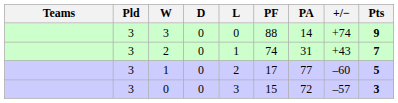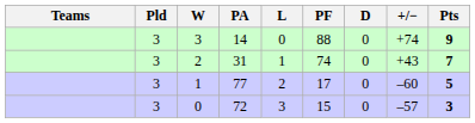 <table class="wikitable" style="text-align: center;">
 <tr>
 <th width="140">Teams</th>
 <th width="40">Pld</th>
 <th width="40">W</th>
-<th width="40">D</th>
+<th width="40">PA</th>
 <th width="40">L</th>
 <th width="40">PF</th>
-<th width="40">PA</th>
+<th width="40">D</th>
 <th width="40">+/−</th>
 <th width="40">Pts</th>
 </tr>
 <tr bgcolor=ccffcc>
 <td align=left></td>
 <td>3</td>
 <td>3</td>
-<td>0</td>
+<td>14</td>
 <td>0</td>
 <td>88</td>
-<td>14</td>
+<td>0</td>
 <td>+74</td>
 <td><strong>9</strong></td>
 </tr>
 <tr bgcolor=ccffcc>
 <td align=left></td>
 <td>3</td>
 <td>2</td>
-<td>0</td>
+<td>31</td>
 <td>1</td>
 <td>74</td>
-<td>31</td>
+<td>0</td>
 <td>+43</td>
 <td><strong>7</strong></td>
 </tr>
 <tr bgcolor=ccccff>
 <td align=left></td>
 <td>3</td>
 <td>1</td>
-<td>0</td>
+<td>77</td>
 <td>2</td>
 <td>17</td>
-<td>77</td>
+<td>0</td>
 <td>–60</td>
 <td><strong>5</strong></td>
 </tr>
 <tr bgcolor=ccccff>
 <td align=left></td>
 <td>3</td>
 <td>0</td>
-<td>0</td>
+<td>72</td>
 <td>3</td>
 <td>15</td>
-<td>72</td>
+<td>0</td>
 <td>–57</td>
 <td><strong>3</strong></td>
 </tr>
 </table>
